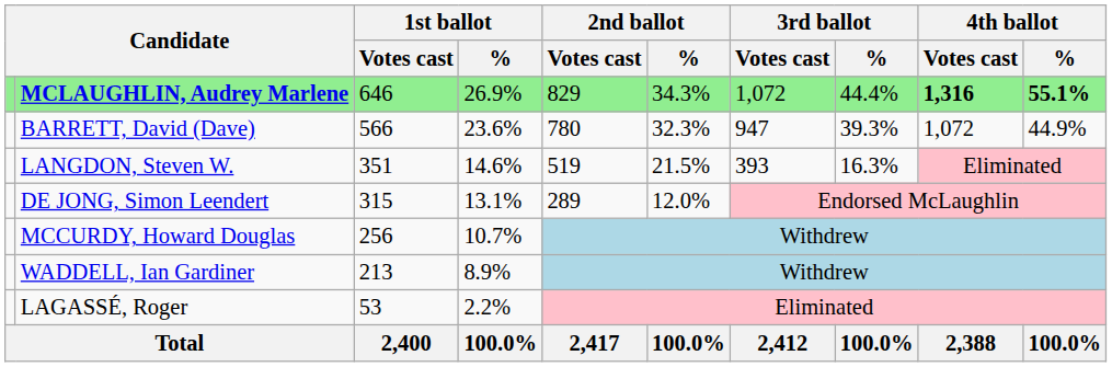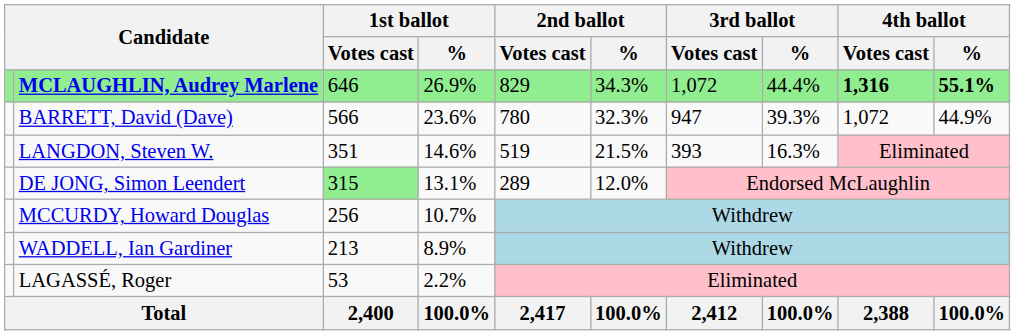 <table class="wikitable">
 <tr>
 <th rowspan="2" colspan="2">Candidate</th>
 <th colspan="2">1st ballot</th>
 <th colspan="2">2nd ballot</th>
 <th colspan="2">3rd ballot</th>
 <th colspan="2">4th ballot</th>
 </tr>
 <tr>
 <th>Votes cast</th>
 <th>%</th>
 <th>Votes cast</th>
 <th>%</th>
 <th>Votes cast</th>
 <th>%</th>
 <th>Votes cast</th>
 <th>%</th>
 </tr>
 <tr style="background:lightgreen;">
 <td></td>
 <td><strong><a href='#'>MCLAUGHLIN, Audrey Marlene</a></strong></td>
 <td>646</td>
 <td>26.9%</td>
 <td>829</td>
 <td>34.3%</td>
 <td>1,072</td>
 <td>44.4%</td>
 <td><strong>1,316</strong></td>
 <td><strong>55.1%</strong></td>
 </tr>
 <tr>
 <td></td>
 <td><a href='#'>BARRETT, David (Dave)</a></td>
 <td>566</td>
 <td>23.6%</td>
 <td>780</td>
 <td>32.3%</td>
 <td>947</td>
 <td>39.3%</td>
 <td>1,072</td>
 <td>44.9%</td>
 </tr>
 <tr>
 <td></td>
 <td><a href='#'>LANGDON, Steven W.</a></td>
 <td>351</td>
 <td>14.6%</td>
 <td>519</td>
 <td>21.5%</td>
 <td>393</td>
 <td>16.3%</td>
 <td style="text-align:center; background:pink;" colspan="2">Eliminated</td>
 </tr>
 <tr>
 <td></td>
 <td><a href='#'>DE JONG, Simon Leendert</a></td>
-<td>315</td>
+<td style="background: lightgreen;">315</td>
 <td>13.1%</td>
 <td>289</td>
 <td>12.0%</td>
 <td style="text-align:center; background:pink;" colspan="4">Endorsed McLaughlin</td>
 </tr>
 <tr>
 <td></td>
 <td><a href='#'>MCCURDY, Howard Douglas</a></td>
 <td>256</td>
 <td>10.7%</td>
 <td style="text-align:center; background:lightblue;" colspan="6">Withdrew</td>
 </tr>
 <tr>
 <td></td>
 <td><a href='#'>WADDELL, Ian Gardiner</a></td>
 <td>213</td>
 <td>8.9%</td>
 <td style="text-align:center; background:lightblue;" colspan="6">Withdrew</td>
 </tr>
 <tr>
 <td></td>
 <td>LAGASSÉ, Roger</td>
 <td>53</td>
 <td>2.2%</td>
 <td style="text-align:center; background:pink;" colspan="6">Eliminated</td>
 </tr>
 <tr>
 <th colspan="2">Total</th>
 <th>2,400</th>
 <th>100.0%</th>
 <th>2,417</th>
 <th>100.0%</th>
 <th>2,412</th>
 <th>100.0%</th>
 <th>2,388</th>
 <th>100.0%</th>
 </tr>
 </table>
